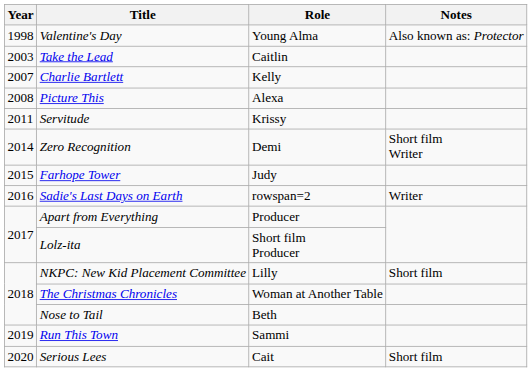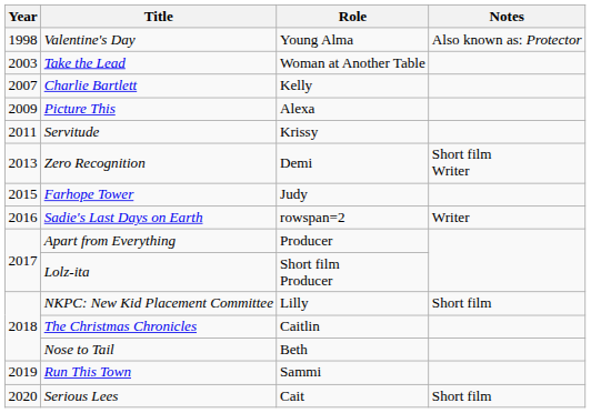 <table class="wikitable sortable">
 <tr>
 <th>Year</th>
 <th>Title</th>
 <th>Role</th>
 <th class="unsortable">Notes</th>
 </tr>
 <tr>
 <td>1998</td>
 <td><em>Valentine's Day</em></td>
 <td>Young Alma</td>
 <td>Also known as: <em>Protector</em></td>
 </tr>
 <tr>
 <td>2003</td>
 <td><em><a href='#'>Take the Lead</a></em></td>
-<td>Caitlin</td>
+<td>Woman at Another Table</td>
 <td></td>
 </tr>
 <tr>
 <td>2007</td>
 <td><em><a href='#'>Charlie Bartlett</a></em></td>
 <td>Kelly</td>
 <td></td>
 </tr>
 <tr>
-<td>2008</td>
+<td>2009</td>
 <td><em><a href='#'>Picture This</a></em></td>
 <td>Alexa</td>
 <td></td>
 </tr>
 <tr>
 <td>2011</td>
 <td><em>Servitude </em></td>
 <td>Krissy</td>
 <td></td>
 </tr>
 <tr>
-<td>2014</td>
+<td>2013</td>
 <td><em>Zero Recognition</em></td>
 <td>Demi</td>
 <td>Short film<br> Writer</td>
 </tr>
 <tr>
 <td>2015</td>
 <td><em><a href='#'>Farhope Tower</a></em></td>
 <td>Judy</td>
 <td></td>
 </tr>
 <tr>
 <td>2016</td>
 <td><em><a href='#'>Sadie's Last Days on Earth</a></em></td>
 <td>rowspan=2 </td>
 <td>Writer</td>
 </tr>
 <tr>
 <td rowspan="2">2017</td>
 <td><em>Apart from Everything</em></td>
 <td>Producer</td>
 </tr>
 <tr>
 <td><em>Lolz-ita</em></td>
 <td>Short film<br> Producer</td>
 </tr>
 <tr>
 <td rowspan="3">2018</td>
 <td><em>NKPC: New Kid Placement Committee </em></td>
 <td>Lilly</td>
 <td>Short film</td>
 </tr>
 <tr>
 <td data-sort-value="Christmas Chronicles, The"><em><a href='#'>The Christmas Chronicles</a></em></td>
-<td>Woman at Another Table</td>
+<td>Caitlin</td>
 <td></td>
 </tr>
 <tr>
 <td><em>Nose to Tail </em></td>
 <td>Beth</td>
 <td></td>
 </tr>
 <tr>
 <td>2019</td>
 <td><em><a href='#'>Run This Town</a></em></td>
 <td>Sammi</td>
 <td></td>
 </tr>
 <tr>
 <td>2020</td>
 <td><em>Serious Lees</em></td>
 <td>Cait</td>
 <td>Short film</td>
 </tr>
 </table>
